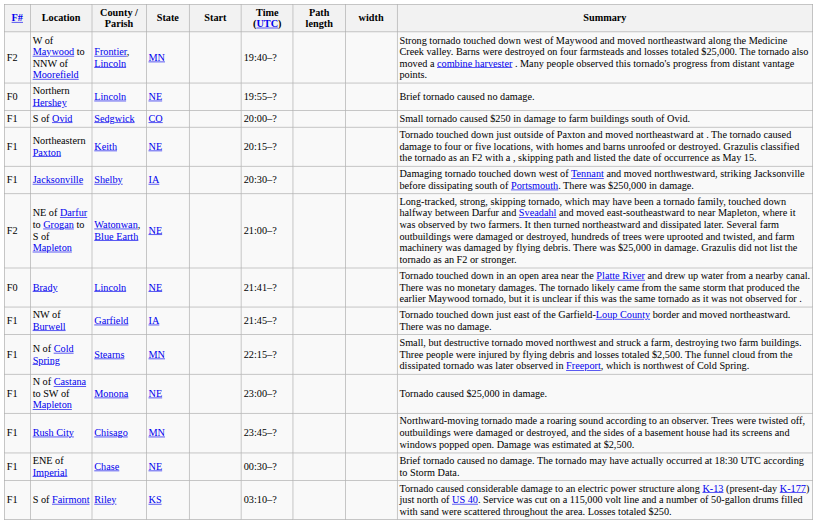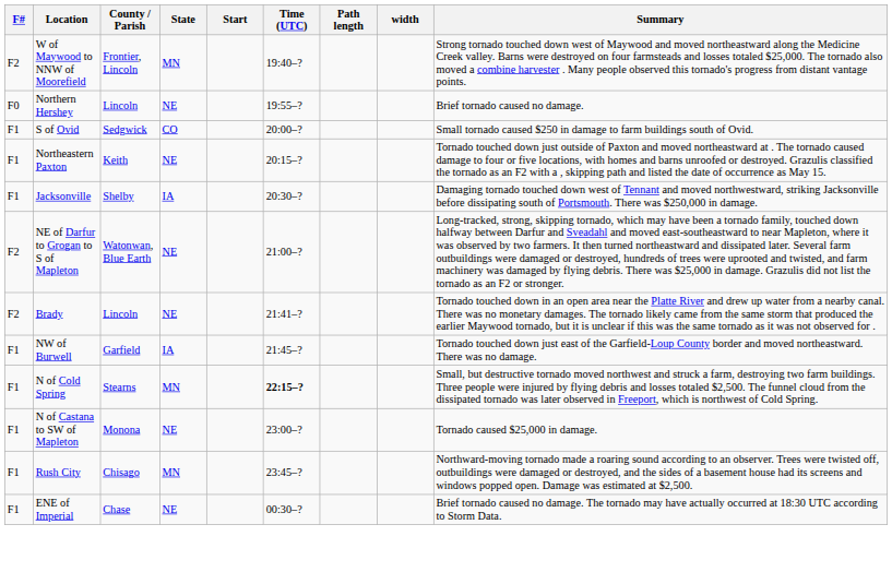 <table class="wikitable sortable" style="width:100%;">
 <tr>
 <th scope="col"  style="width:3%; text-align:center;"><a href='#'>F#</a></th>
 <th scope="col"  style="width:7%; text-align:center;" class="unsortable">Location</th>
 <th scope="col"  style="width:6%; text-align:center;" class="unsortable">County / Parish</th>
 <th scope="col"  style="width:5%; text-align:center;">State</th>
 <th scope="col"  style="width:6%; text-align:center;">Start<br></th>
 <th scope="col"  style="width:6%; text-align:center;">Time (<a href='#'>UTC</a>)</th>
 <th scope="col"  style="width:6%; text-align:center;">Path length</th>
 <th scope="col"  style="width:6%; text-align:center;"> width</th>
 <th scope="col" class="unsortable" style="width:48%; text-align:center;">Summary</th>
 </tr>
 <tr>
 <td>F2</td>
 <td>W of <a href='#'>Maywood</a> to NNW of <a href='#'>Moorefield</a></td>
 <td><a href='#'>Frontier</a>, <a href='#'>Lincoln</a></td>
 <td><a href='#'>MN</a></td>
 <td></td>
 <td>19:40–?</td>
 <td></td>
 <td></td>
 <td>Strong tornado touched down  west of Maywood and moved northeastward along the Medicine Creek valley. Barns were destroyed on four farmsteads and losses totaled $25,000. The tornado also moved a <a href='#'>combine harvester</a> . Many people observed this tornado's progress from distant vantage points.</td>
 </tr>
 <tr>
 <td>F0</td>
 <td>Northern <a href='#'>Hershey</a></td>
 <td><a href='#'>Lincoln</a></td>
 <td><a href='#'>NE</a></td>
 <td></td>
 <td>19:55–?</td>
 <td></td>
 <td></td>
 <td>Brief tornado caused no damage.</td>
 </tr>
 <tr>
 <td>F1</td>
 <td>S of <a href='#'>Ovid</a></td>
 <td><a href='#'>Sedgwick</a></td>
 <td><a href='#'>CO</a></td>
 <td></td>
 <td>20:00–?</td>
 <td></td>
 <td></td>
 <td>Small tornado caused $250 in damage to farm buildings south of Ovid.</td>
 </tr>
 <tr>
 <td>F1</td>
 <td>Northeastern <a href='#'>Paxton</a></td>
 <td><a href='#'>Keith</a></td>
 <td><a href='#'>NE</a></td>
 <td></td>
 <td>20:15–?</td>
 <td></td>
 <td></td>
 <td>Tornado touched down just outside of Paxton and moved northeastward at . The tornado caused damage to four or five locations, with homes and barns unroofed or destroyed. Grazulis classified the tornado as an F2 with a , skipping path and listed the date of occurrence as May 15.</td>
 </tr>
 <tr>
 <td>F1</td>
 <td><a href='#'>Jacksonville</a></td>
 <td><a href='#'>Shelby</a></td>
 <td><a href='#'>IA</a></td>
 <td></td>
 <td>20:30–?</td>
 <td></td>
 <td></td>
 <td>Damaging tornado touched down west of <a href='#'>Tennant</a> and moved northwestward, striking Jacksonville before dissipating south of <a href='#'>Portsmouth</a>. There was $250,000 in damage.</td>
 </tr>
 <tr>
 <td>F2</td>
 <td>NE of <a href='#'>Darfur</a> to <a href='#'>Grogan</a> to S of <a href='#'>Mapleton</a></td>
 <td><a href='#'>Watonwan</a>, <a href='#'>Blue Earth</a></td>
 <td><a href='#'>NE</a></td>
 <td></td>
 <td>21:00–?</td>
 <td></td>
 <td></td>
 <td>Long-tracked, strong, skipping tornado, which may have been a tornado family, touched down halfway between Darfur and <a href='#'>Sveadahl</a> and moved east-southeastward to near Mapleton, where it was observed by two farmers. It then turned northeastward and dissipated  later. Several farm outbuildings were damaged or destroyed, hundreds of trees were uprooted and twisted, and farm machinery was damaged by flying debris. There was $25,000 in damage. Grazulis did not list the tornado as an F2 or stronger.</td>
 </tr>
 <tr>
-<td>F0</td>
+<td>F2</td>
 <td><a href='#'>Brady</a></td>
 <td><a href='#'>Lincoln</a></td>
 <td><a href='#'>NE</a></td>
 <td></td>
 <td>21:41–?</td>
 <td></td>
 <td></td>
 <td>Tornado touched down in an open area near the <a href='#'>Platte River</a> and drew up water from a nearby canal. There was no monetary damages. The tornado likely came from the same storm that produced the earlier Maywood tornado, but it is unclear if this was the same tornado as it was not observed for .</td>
 </tr>
 <tr>
 <td>F1</td>
 <td>NW of <a href='#'>Burwell</a></td>
 <td><a href='#'>Garfield</a></td>
 <td><a href='#'>IA</a></td>
 <td></td>
 <td>21:45–?</td>
 <td></td>
 <td></td>
 <td>Tornado touched down just east of the Garfield-<a href='#'>Loup County</a> border and moved northeastward. There was no damage.</td>
 </tr>
 <tr>
 <td>F1</td>
 <td>N of <a href='#'>Cold Spring</a></td>
 <td><a href='#'>Stearns</a></td>
 <td><a href='#'>MN</a></td>
 <td></td>
-<td>22:15–?</td>
+<td><strong>22:15–?</strong></td>
 <td></td>
 <td></td>
 <td>Small, but destructive tornado moved northwest and struck a farm, destroying two farm buildings. Three people were injured by flying debris and losses totaled $2,500. The funnel cloud from the dissipated tornado was later observed in <a href='#'>Freeport</a>, which is  northwest of Cold Spring.</td>
 </tr>
 <tr>
 <td>F1</td>
 <td>N of <a href='#'>Castana</a> to SW of <a href='#'>Mapleton</a></td>
 <td><a href='#'>Monona</a></td>
 <td><a href='#'>NE</a></td>
 <td></td>
 <td>23:00–?</td>
 <td></td>
 <td></td>
 <td>Tornado caused $25,000 in damage.</td>
 </tr>
 <tr>
 <td>F1</td>
 <td><a href='#'>Rush City</a></td>
 <td><a href='#'>Chisago</a></td>
 <td><a href='#'>MN</a></td>
 <td></td>
 <td>23:45–?</td>
 <td></td>
 <td></td>
 <td>Northward-moving tornado made a roaring sound according to an observer. Trees were twisted off, outbuildings were damaged or destroyed, and the sides of a basement house had its screens and windows popped open. Damage was estimated at $2,500.</td>
 </tr>
 <tr>
 <td>F1</td>
 <td>ENE of <a href='#'>Imperial</a></td>
 <td><a href='#'>Chase</a></td>
 <td><a href='#'>NE</a></td>
 <td></td>
 <td>00:30–?</td>
 <td></td>
 <td></td>
 <td>Brief tornado caused no damage. The tornado may have actually occurred at 18:30 UTC according to Storm Data.</td>
 </tr>
-<tr>
-<td>F1</td>
-<td>S of <a href='#'>Fairmont</a></td>
-<td><a href='#'>Riley</a></td>
-<td><a href='#'>KS</a></td>
-<td></td>
-<td>03:10–?</td>
-<td></td>
-<td></td>
-<td>Tornado caused considerable damage to an electric power structure along <a href='#'>K-13</a> (present-day <a href='#'>K-177</a>) just north of <a href='#'>US 40</a>. Service was cut on a 115,000 volt line and a number of 50-gallon drums filled with sand were scattered throughout the area. Losses totaled $250.</td>
-</tr>
 </table>
